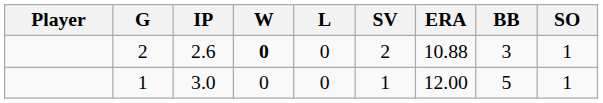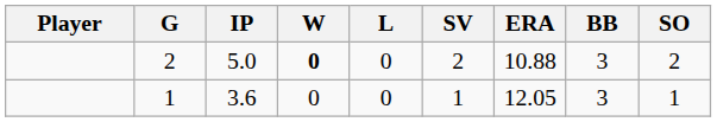 <table class="wikitable sortable">
 <tr>
 <th bgcolor="#DDDDFF" width="16%">Player</th>
 <th bgcolor="#DDDDFF" width="9%">G</th>
 <th bgcolor="#DDDDFF" width="9%">IP</th>
 <th bgcolor="#DDDDFF" width="9%">W</th>
 <th bgcolor="#DDDDFF" width="9%">L</th>
 <th bgcolor="#DDDDFF" width="9%">SV</th>
 <th bgcolor="#DDDDFF" width="9%">ERA</th>
 <th bgcolor="#DDDDFF" width="9%">BB</th>
 <th bgcolor="#DDDDFF" width="9%">SO</th>
 </tr>
 <tr align="center">
 <td></td>
 <td>2</td>
-<td>2.6</td>
+<td>5.0</td>
 <td><strong>0</strong></td>
 <td>0</td>
 <td>2</td>
 <td>10.88</td>
 <td>3</td>
-<td>1</td>
+<td>2</td>
 </tr>
 <tr align="center">
 <td></td>
 <td>1</td>
-<td>3.0</td>
+<td>3.6</td>
 <td>0</td>
 <td>0</td>
 <td>1</td>
-<td>12.00</td>
-<td>5</td>
+<td>12.05</td>
+<td>3</td>
 <td>1</td>
 </tr>
 </table>
